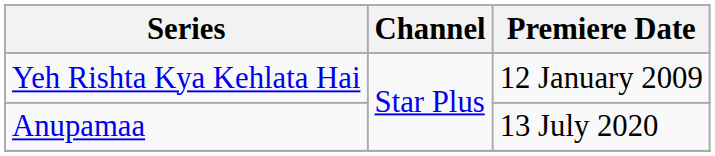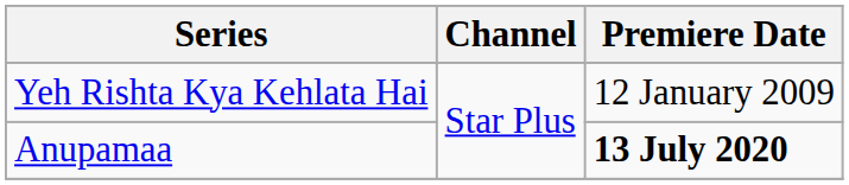 <table class="sortable wikitable">
 <tr>
 <th>Series</th>
 <th>Channel</th>
 <th>Premiere Date</th>
 </tr>
 <tr>
 <td><a href='#'>Yeh Rishta Kya Kehlata Hai</a></td>
 <td rowspan="2"><a href='#'>Star Plus</a></td>
 <td>12 January 2009</td>
 </tr>
 <tr>
 <td><a href='#'>Anupamaa</a></td>
-<td>13 July 2020</td>
+<td><strong>13 July 2020</strong></td>
 </tr>
 <tr>
 </tr>
 </table>
